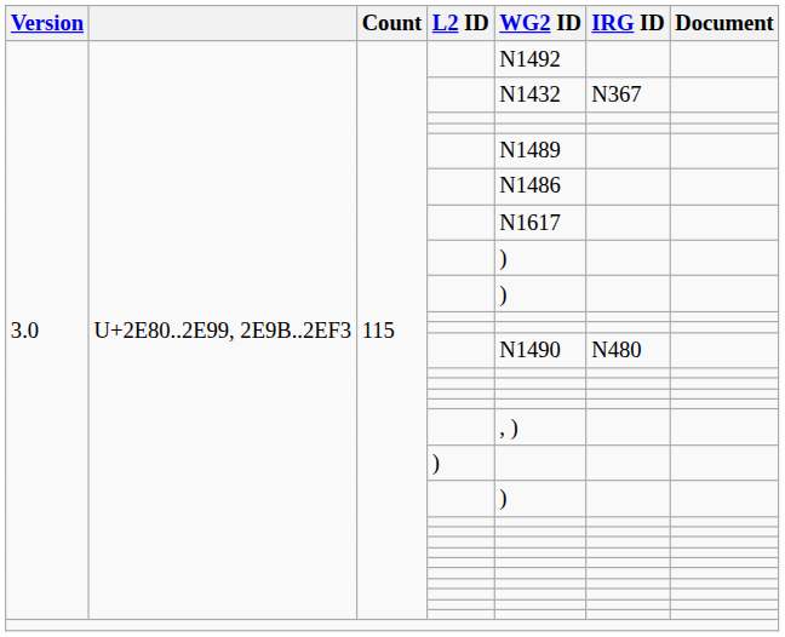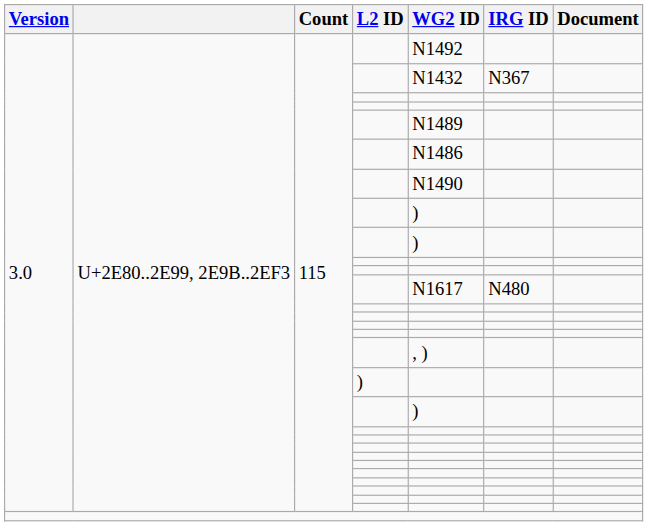 <table class="wikitable collapsible sticky-header">
 <tr>
 <th><a href='#'>Version</a></th>
 <th></th>
 <th>Count</th>
 <th><a href='#'>L2</a> ID</th>
 <th><a href='#'>WG2</a> ID</th>
 <th><a href='#'>IRG</a> ID</th>
 <th>Document</th>
 </tr>
 <tr>
 <td rowspan="29">3.0</td>
 <td rowspan="29">U+2E80..2E99, 2E9B..2EF3</td>
 <td rowspan="29">115</td>
 <td></td>
 <td>N1492</td>
 <td></td>
 <td></td>
 </tr>
 <tr>
 <td></td>
 <td>N1432</td>
 <td>N367</td>
 <td></td>
 </tr>
 <tr>
 <td></td>
 <td></td>
 <td></td>
 <td></td>
 </tr>
 <tr>
 <td></td>
 <td></td>
 <td></td>
 <td></td>
 </tr>
 <tr>
 <td></td>
 <td>N1489</td>
 <td></td>
 <td></td>
 </tr>
 <tr>
 <td></td>
 <td>N1486</td>
 <td></td>
 <td></td>
 </tr>
 <tr>
 <td></td>
-<td>N1617</td>
+<td>N1490</td>
 <td></td>
 <td></td>
 </tr>
 <tr>
 <td></td>
 <td> )</td>
 <td></td>
 <td></td>
 </tr>
 <tr>
 <td></td>
 <td> )</td>
 <td></td>
 <td></td>
 </tr>
 <tr>
 <td></td>
 <td></td>
 <td></td>
 <td></td>
 </tr>
 <tr>
 <td></td>
 <td></td>
 <td></td>
 <td></td>
 </tr>
 <tr>
 <td></td>
-<td>N1490</td>
+<td>N1617</td>
 <td>N480</td>
 <td></td>
 </tr>
 <tr>
 <td></td>
 <td></td>
 <td></td>
 <td></td>
 </tr>
 <tr>
 <td></td>
 <td></td>
 <td></td>
 <td></td>
 </tr>
 <tr>
 <td></td>
 <td></td>
 <td></td>
 <td></td>
 </tr>
 <tr>
 <td></td>
 <td></td>
 <td></td>
 <td></td>
 </tr>
 <tr>
 <td></td>
 <td> , )</td>
 <td></td>
 <td></td>
 </tr>
 <tr>
 <td> )</td>
 <td></td>
 <td></td>
 <td></td>
 </tr>
 <tr>
 <td></td>
 <td> )</td>
 <td></td>
 <td></td>
 </tr>
 <tr>
 <td></td>
 <td></td>
 <td></td>
 <td></td>
 </tr>
 <tr>
 <td></td>
 <td></td>
 <td></td>
 <td></td>
 </tr>
 <tr>
 <td></td>
 <td></td>
 <td></td>
 <td></td>
 </tr>
 <tr>
 <td></td>
 <td></td>
 <td></td>
 <td></td>
 </tr>
 <tr>
 <td></td>
 <td></td>
 <td></td>
 <td></td>
 </tr>
 <tr>
 <td></td>
 <td></td>
 <td></td>
 <td></td>
 </tr>
 <tr>
 <td></td>
 <td></td>
 <td></td>
 <td></td>
 </tr>
 <tr>
 <td></td>
 <td></td>
 <td></td>
 <td></td>
 </tr>
 <tr>
 <td></td>
 <td></td>
 <td></td>
 <td></td>
 </tr>
 <tr>
 <td></td>
 <td></td>
 <td></td>
 <td></td>
 </tr>
 <tr class="sortbottom">
 <td colspan="7"></td>
 </tr>
 </table>
